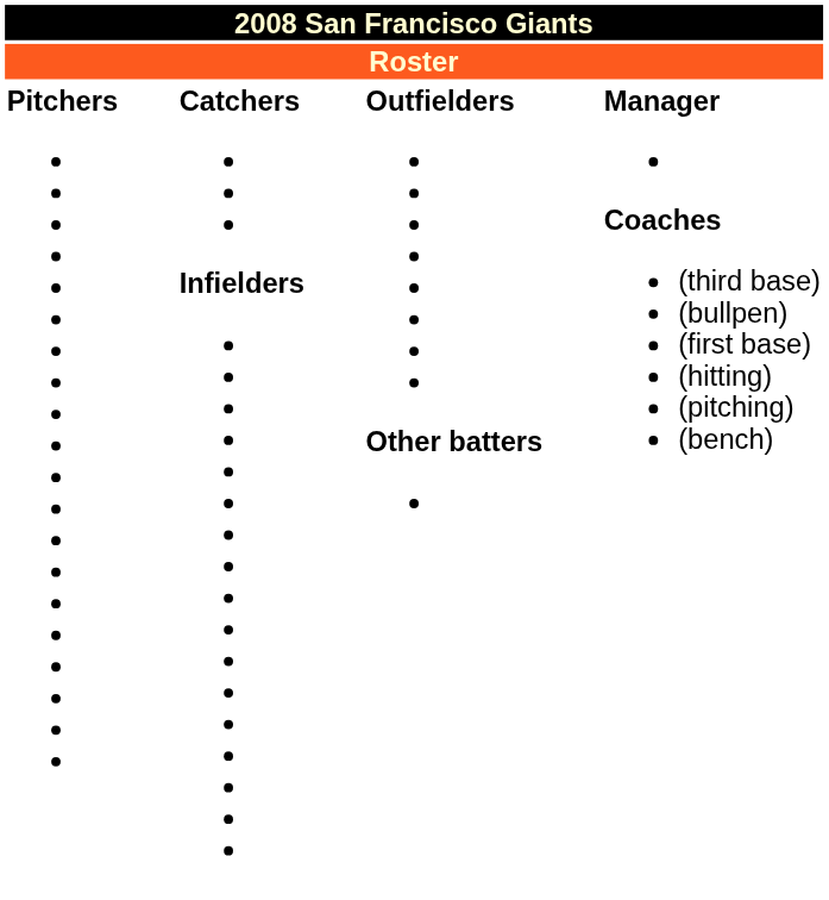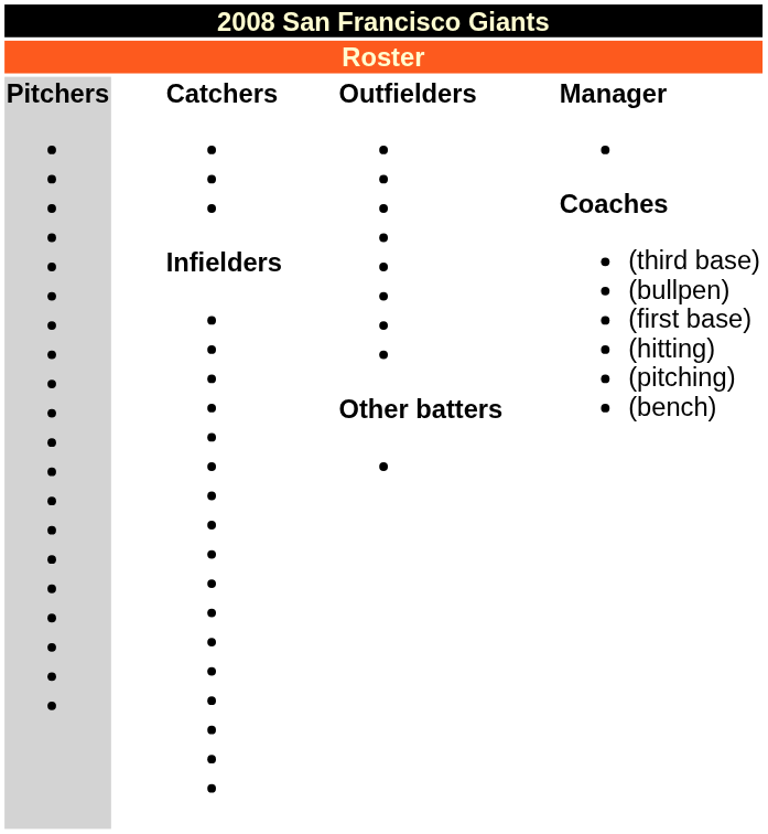 <table class="toccolours" style="font-size: 95%;">
 <tr>
 <th colspan="10" style="background-color: black; color: #FFFDD0; text-align: center;">2008 San Francisco Giants</th>
 </tr>
 <tr>
 <td colspan="10" style="background-color: #fd5a1e; color: #FFFDD0; text-align: center;"><strong>Roster</strong></td>
 </tr>
 <tr>
-<td valign="top"><strong>Pitchers</strong><br><ul><li></li><li></li><li></li><li></li><li></li><li></li><li></li><li></li><li></li><li></li><li></li><li></li><li></li><li></li><li></li><li></li><li></li><li></li><li></li><li></li></ul></td>
+<td valign="top" style="background: lightgrey;"><strong>Pitchers</strong><br><ul><li></li><li></li><li></li><li></li><li></li><li></li><li></li><li></li><li></li><li></li><li></li><li></li><li></li><li></li><li></li><li></li><li></li><li></li><li></li><li></li></ul></td>
 <td width="25px"></td>
 <td valign="top"><strong>Catchers</strong><br><ul><li></li><li></li><li></li></ul><strong>Infielders</strong><ul><li></li><li></li><li></li><li></li><li></li><li></li><li></li><li></li><li></li><li></li><li></li><li></li><li></li><li></li><li></li><li></li><li></li></ul></td>
 <td width="25px"></td>
 <td valign="top"><strong>Outfielders</strong><br><ul><li></li><li></li><li></li><li></li><li></li><li></li><li></li><li></li></ul><strong>Other batters</strong><ul><li></li></ul></td>
 <td width="25px"></td>
 <td valign="top"><strong>Manager</strong><br><ul><li></li></ul><strong>Coaches</strong><ul><li> (third base)</li><li> (bullpen)</li><li> (first base)</li><li> (hitting)</li><li> (pitching)</li><li> (bench)</li></ul></td>
 </tr>
 <tr>
 </tr>
 </table>
